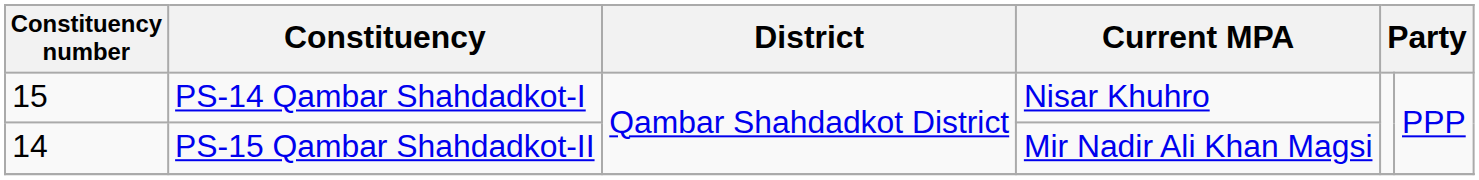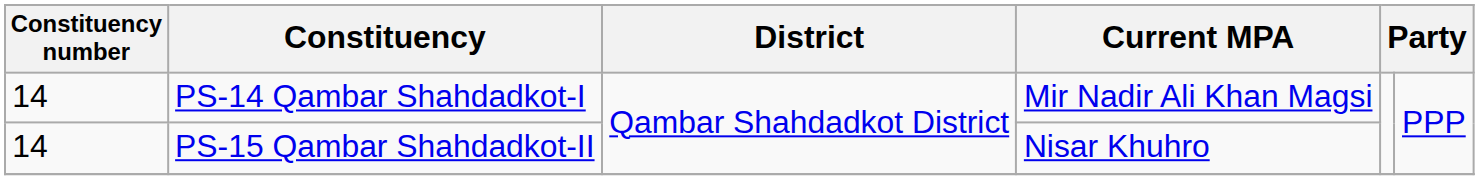 <table class="wikitable">
 <tr>
 <th width="50px" style="font-size:75%">Constituency number</th>
 <th>Constituency</th>
 <th>District</th>
 <th>Current MPA</th>
 <th colspan="2">Party</th>
 </tr>
 <tr>
-<td>15</td>
+<td>14</td>
 <td><a href='#'>PS-14 Qambar Shahdadkot-I</a></td>
 <td rowspan="2"><a href='#'>Qambar Shahdadkot District</a></td>
-<td><a href='#'>Nisar Khuhro</a></td>
+<td><a href='#'>Mir Nadir Ali Khan Magsi</a></td>
 <td rowspan="2"></td>
 <td rowspan="2"><a href='#'>PPP</a></td>
 </tr>
 <tr>
 <td>14</td>
 <td><a href='#'>PS-15 Qambar Shahdadkot-II</a></td>
-<td><a href='#'>Mir Nadir Ali Khan Magsi</a></td>
+<td><a href='#'>Nisar Khuhro</a></td>
 </tr>
 <tr>
 </tr>
 </table>
